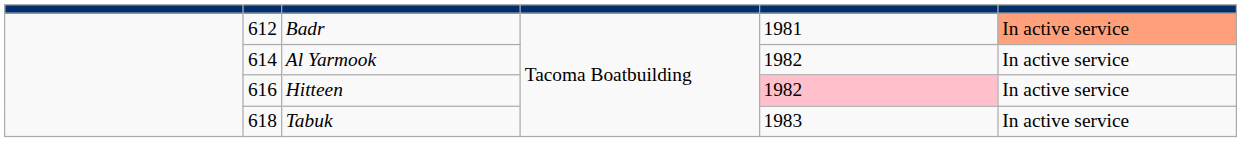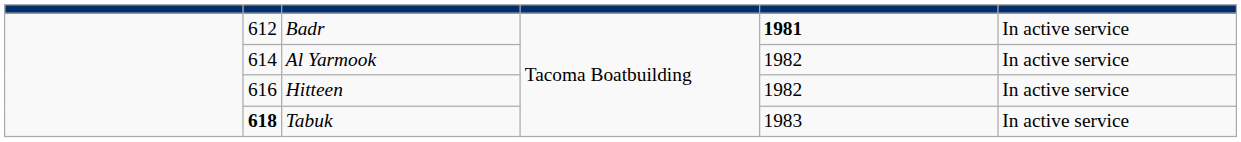 <table class="wikitable">
 <tr>
 <th style="background:#002F6C" width="190"></th>
 <th style="background:#002F6C"></th>
 <th style="background:#002F6C" width="190"></th>
 <th style="background:#002F6C" width="190"></th>
 <th style="background:#002F6C" width="190"></th>
 <th style="background:#002F6C" width="190"></th>
 </tr>
 <tr>
 <td rowspan="4"></td>
 <td>612</td>
 <td><em>Badr</em></td>
 <td rowspan="4">Tacoma Boatbuilding</td>
-<td>1981</td>
-<td style="background: lightsalmon;">In active service</td>
+<td><strong>1981</strong></td>
+<td>In active service</td>
 </tr>
 <tr>
 <td>614</td>
 <td><em>Al Yarmook</em></td>
 <td>1982</td>
 <td>In active service</td>
 </tr>
 <tr>
 <td>616</td>
 <td><em>Hitteen</em></td>
-<td style="background: pink;">1982</td>
+<td>1982</td>
 <td>In active service</td>
 </tr>
 <tr>
-<td>618</td>
+<td><strong>618</strong></td>
 <td><em>Tabuk</em></td>
 <td>1983</td>
 <td>In active service</td>
 </tr>
 </table>
